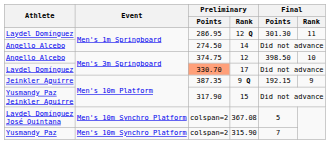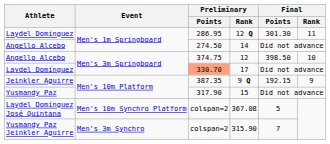 <table class=wikitable style="font-size:90%">
 <tr>
 <th rowspan="2">Athlete</th>
 <th rowspan="2">Event</th>
 <th colspan="2">Preliminary</th>
 <th colspan="2">Final</th>
 </tr>
 <tr>
 <th>Points</th>
 <th>Rank</th>
 <th>Points</th>
 <th>Rank</th>
 </tr>
 <tr align=center>
 <td align=left><a href='#'>Laydel Domínguez</a></td>
 <td rowspan="2" align=left><a href='#'>Men's 1m Springboard</a></td>
 <td>286.95</td>
 <td>12 <strong>Q</strong></td>
 <td>301.30</td>
 <td>11</td>
 </tr>
 <tr align=center>
 <td align=left><a href='#'>Angello Alcebo</a></td>
 <td>274.50</td>
 <td>14</td>
 <td colspan=2>Did not advance</td>
 </tr>
 <tr align=center>
 <td align=left><a href='#'>Angello Alcebo</a></td>
 <td rowspan="2" align=left><a href='#'>Men's 3m Springboard</a></td>
 <td>374.75</td>
 <td>12</td>
 <td>398.50</td>
 <td>10</td>
 </tr>
 <tr align=center>
 <td align=left><a href='#'>Laydel Domínguez</a></td>
 <td style="background: lightsalmon;">330.70</td>
 <td>17</td>
 <td colspan=2>Did not advance</td>
 </tr>
 <tr align=center>
 <td align=left><a href='#'>Jeinkler Aguirre</a></td>
 <td rowspan="2" align=left><a href='#'>Men's 10m Platform</a></td>
 <td>387.35</td>
 <td>9 <strong>Q</strong></td>
 <td>192.15</td>
 <td>9</td>
 </tr>
 <tr align=center>
-<td align=left><a href='#'>Yusmandy Paz</a><br><a href='#'>Jeinkler Aguirre</a></td>
+<td align=left><a href='#'>Yusmandy Paz</a></td>
 <td>317.90</td>
 <td>15</td>
 <td colspan=2>Did not advance</td>
 </tr>
 <tr align=center>
 <td align=left><a href='#'>Laydel Domínguez</a><br><a href='#'>José Quintana</a></td>
 <td align=left><a href='#'>Men's 10m Synchro Platform</a></td>
 <td>colspan=2 </td>
 <td>367.08</td>
 <td>5</td>
 </tr>
 <tr align=center>
-<td align=left><a href='#'>Yusmandy Paz</a></td>
-<td align=left><a href='#'>Men's 10m Synchro Platform</a></td>
+<td align=left><a href='#'>Yusmandy Paz</a><br><a href='#'>Jeinkler Aguirre</a></td>
+<td align=left><a href='#'>Men's 3m Synchro</a></td>
 <td>colspan=2 </td>
 <td>315.90</td>
 <td>7</td>
 </tr>
 </table>
